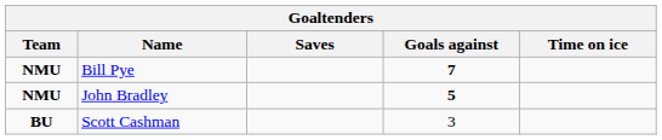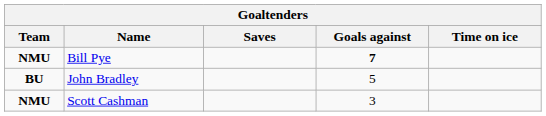 <table class="wikitable" style="width:40em; text-align:right;">
 <tr>
 <th colspan=5>Goaltenders</th>
 </tr>
 <tr>
 <th style="width:4em;">Team</th>
 <th style="width:10em;">Name</th>
 <th style="width:8em;">Saves</th>
 <th style="width:8em;">Goals against</th>
 <th style="width:8em;">Time on ice</th>
 </tr>
 <tr>
 <td align=center><strong>NMU</strong></td>
 <td style="text-align:left;"><a href='#'>Bill Pye</a></td>
 <td align=center></td>
 <td align=center><strong>7</strong></td>
 <td align=center></td>
 </tr>
 <tr>
-<td align=center><strong>NMU</strong></td>
+<td align=center><strong>BU</strong></td>
 <td style="text-align:left;"><a href='#'>John Bradley</a></td>
 <td align=center></td>
-<td align=center><strong>5</strong></td>
+<td align=center>5</td>
 <td></td>
 </tr>
 <tr>
-<td align=center><strong>BU</strong></td>
+<td align=center><strong>NMU</strong></td>
 <td style="text-align:left;"><a href='#'>Scott Cashman</a></td>
 <td align=center></td>
 <td align=center>3</td>
 <td align=center></td>
 </tr>
 </table>
